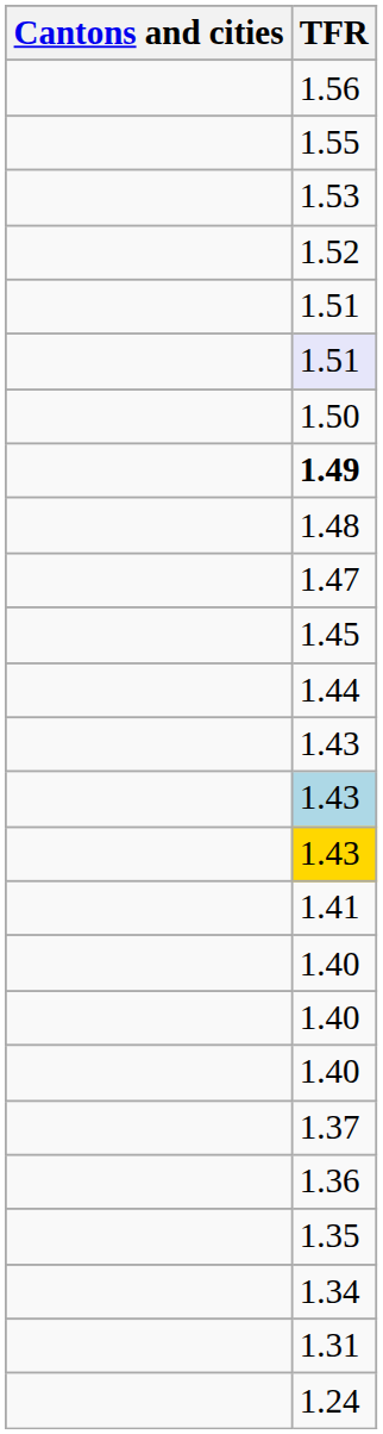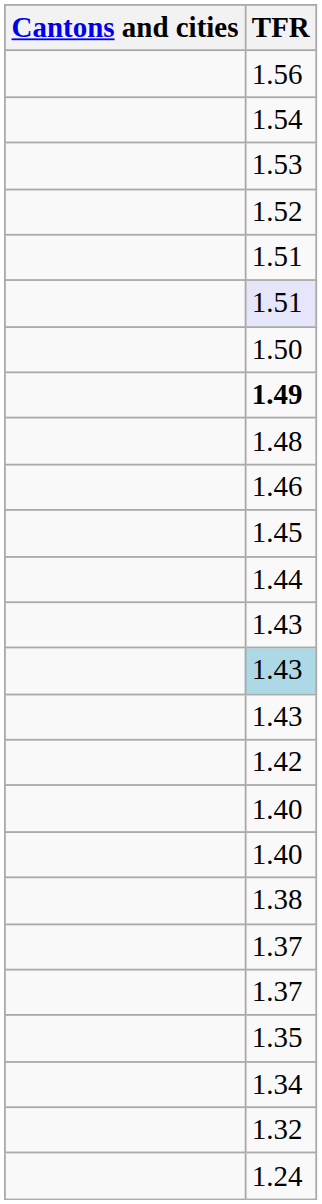 <table class="wikitable sortable">
 <tr>
 <th><a href='#'>Cantons</a> and cities</th>
 <th>TFR</th>
 </tr>
 <tr>
 <td></td>
 <td>1.56</td>
 </tr>
 <tr>
 <td></td>
-<td>1.55</td>
+<td>1.54</td>
 </tr>
 <tr>
 <td></td>
 <td>1.53</td>
 </tr>
 <tr>
 <td></td>
 <td>1.52</td>
 </tr>
 <tr>
 <td></td>
 <td>1.51</td>
 </tr>
 <tr>
 <td></td>
 <td style="background: lavender;">1.51</td>
 </tr>
 <tr>
 <td></td>
 <td>1.50</td>
 </tr>
 <tr>
 <td></td>
 <td><strong>1.49</strong></td>
 </tr>
 <tr>
 <td></td>
 <td>1.48</td>
 </tr>
 <tr>
 <td></td>
-<td>1.47</td>
+<td>1.46</td>
 </tr>
 <tr>
 <td></td>
 <td>1.45</td>
 </tr>
 <tr>
 <td></td>
 <td>1.44</td>
 </tr>
 <tr>
 <td></td>
 <td>1.43</td>
 </tr>
 <tr>
 <td></td>
 <td style="background: lightblue;">1.43</td>
 </tr>
 <tr>
 <td></td>
-<td style="background: gold;">1.43</td>
+<td>1.43</td>
 </tr>
 <tr>
 <td></td>
-<td>1.41</td>
+<td>1.42</td>
 </tr>
 <tr>
 <td></td>
 <td>1.40</td>
 </tr>
 <tr>
 <td></td>
 <td>1.40</td>
 </tr>
 <tr>
 <td></td>
-<td>1.40</td>
+<td>1.38</td>
 </tr>
 <tr>
 <td></td>
 <td>1.37</td>
 </tr>
 <tr>
 <td></td>
-<td>1.36</td>
+<td>1.37</td>
 </tr>
 <tr>
 <td></td>
 <td>1.35</td>
 </tr>
 <tr>
 <td></td>
 <td>1.34</td>
 </tr>
 <tr>
 <td></td>
-<td>1.31</td>
+<td>1.32</td>
 </tr>
 <tr>
 <td></td>
 <td>1.24</td>
 </tr>
 </table>
